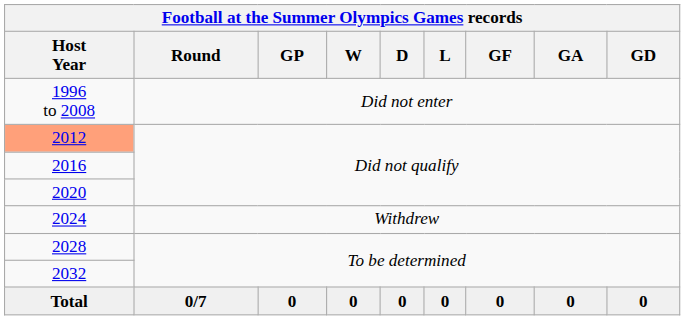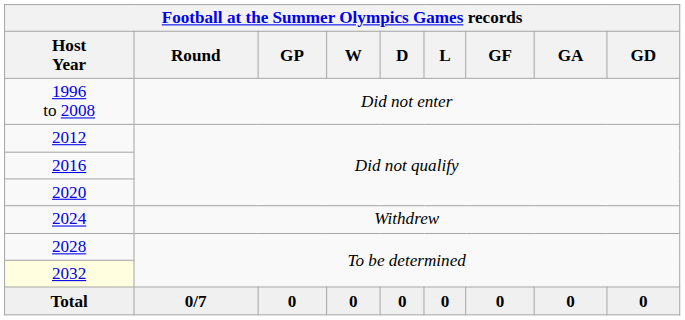 <table class="wikitable" style="text-align: center; width:50%;">
 <tr>
 <th colspan=9><a href='#'>Football at the Summer Olympics Games</a> records</th>
 </tr>
 <tr>
 <th>Host<br>Year</th>
 <th>Round</th>
 <th>GP</th>
 <th>W</th>
 <th>D</th>
 <th>L</th>
 <th>GF</th>
 <th>GA</th>
 <th>GD</th>
 </tr>
 <tr>
 <td> <a href='#'>1996</a><br>to  <a href='#'>2008</a></td>
 <td colspan=8><em>Did not enter</em></td>
 </tr>
 <tr>
-<td style="background: lightsalmon;"> <a href='#'>2012</a></td>
+<td> <a href='#'>2012</a></td>
 <td colspan=8 rowspan=3><em>Did not qualify</em></td>
 </tr>
 <tr>
 <td> <a href='#'>2016</a></td>
 </tr>
 <tr>
 <td> <a href='#'>2020</a></td>
 </tr>
 <tr>
 <td> <a href='#'>2024</a></td>
 <td colspan=8><em>Withdrew</em></td>
 </tr>
 <tr>
 <td> <a href='#'>2028</a></td>
 <td colspan=8 rowspan=2><em>To be determined </em></td>
 </tr>
 <tr>
-<td> <a href='#'>2032</a></td>
+<td style="background: lightyellow;"> <a href='#'>2032</a></td>
 </tr>
 <tr style="background:#f0f0f0;font-weight:bold;">
 <td>Total</td>
 <td>0/7</td>
 <td>0</td>
 <td>0</td>
 <td>0</td>
 <td>0</td>
 <td>0</td>
 <td>0</td>
 <td>0</td>
 </tr>
 </table>
